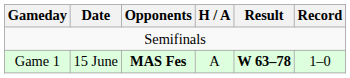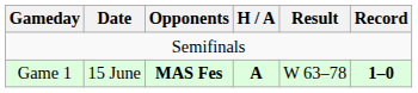 <table class="wikitable" style="text-align:center">
 <tr>
 <th>Gameday</th>
 <th>Date</th>
 <th>Opponents</th>
 <th>H / A</th>
 <th>Result</th>
 <th>Record</th>
 </tr>
 <tr>
 <td colspan="6">Semifinals</td>
 </tr>
 <tr bgcolor="#dfd">
 <td>Game 1</td>
 <td>15 June</td>
 <td><strong>MAS Fes</strong></td>
-<td>A</td>
-<td><strong>W 63–78</strong></td>
-<td>1–0</td>
+<td><strong>A</strong></td>
+<td>W 63–78</td>
+<td><strong>1–0</strong></td>
 </tr>
 </table>
